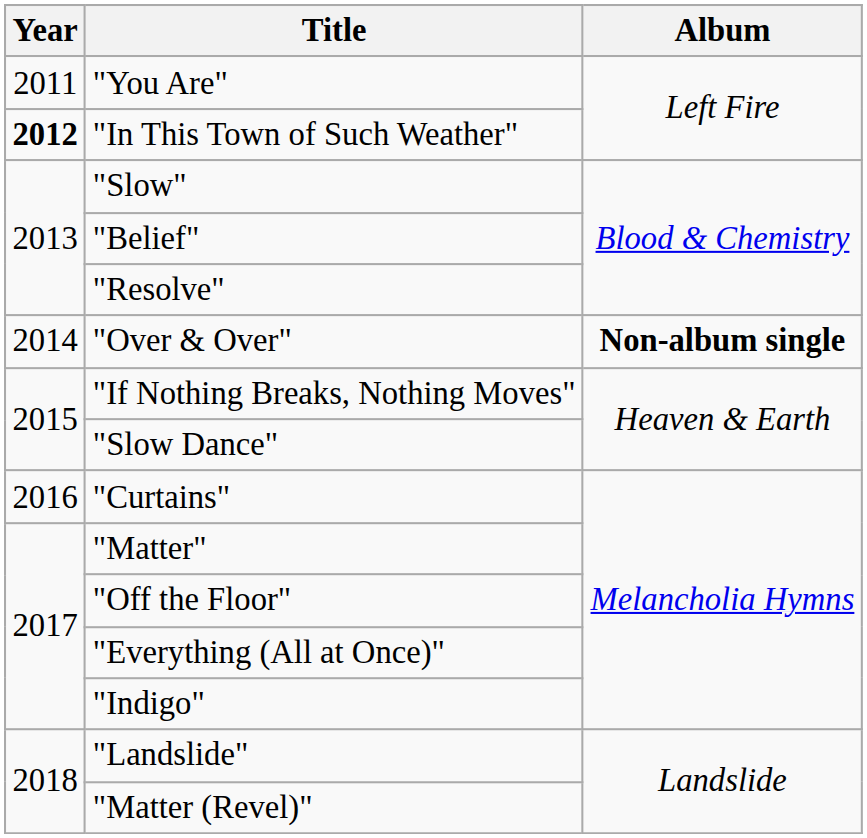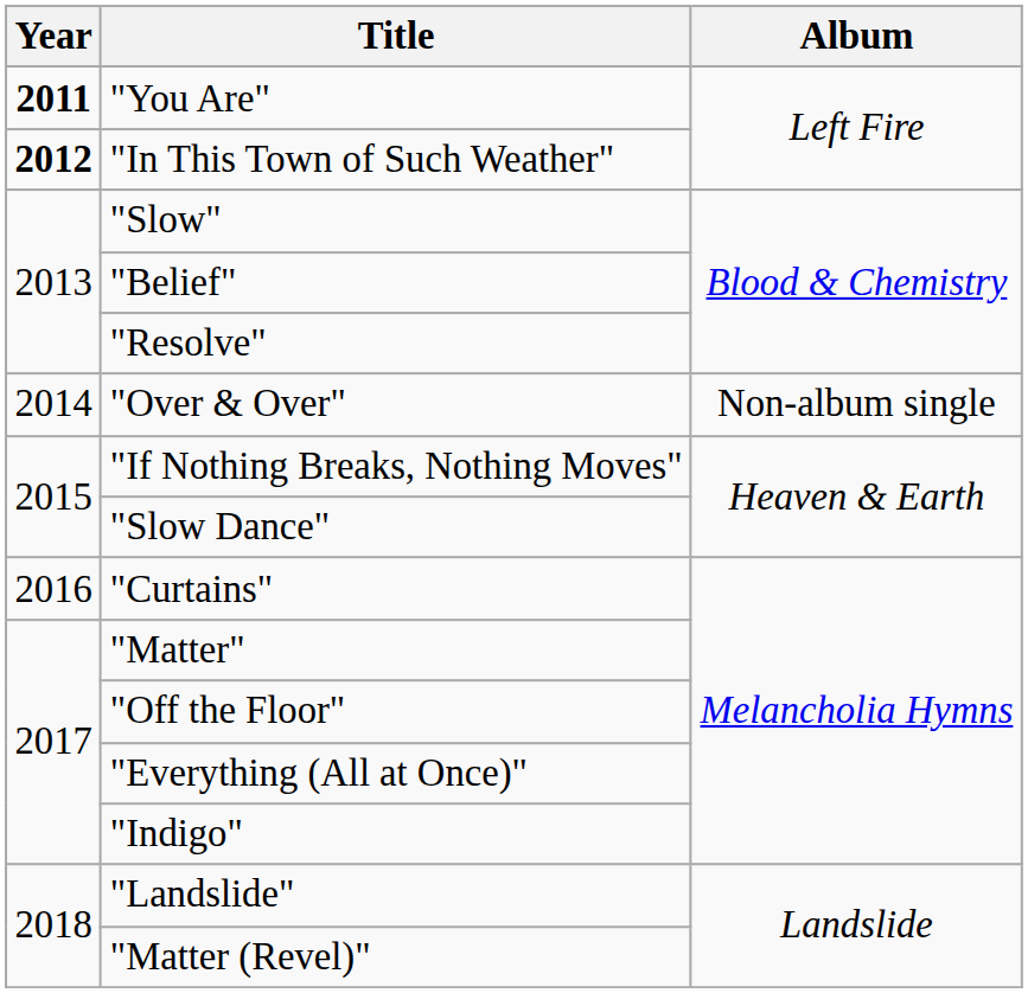 <table class="wikitable" style="text-align:center;">
 <tr>
 <th>Year</th>
 <th>Title</th>
 <th>Album</th>
 </tr>
 <tr>
-<td>2011</td>
+<td><strong>2011</strong></td>
 <td style="text-align:left;">"You Are"</td>
 <td rowspan="2"><em>Left Fire</em></td>
 </tr>
 <tr>
 <td><strong>2012</strong></td>
 <td style="text-align:left;">"In This Town of Such Weather"</td>
 </tr>
 <tr>
 <td rowspan="3">2013</td>
 <td style="text-align:left;">"Slow"</td>
 <td rowspan="3"><em><a href='#'>Blood & Chemistry</a></em></td>
 </tr>
 <tr>
 <td style="text-align:left;">"Belief"</td>
 </tr>
 <tr>
 <td style="text-align:left;">"Resolve"</td>
 </tr>
 <tr>
 <td>2014</td>
 <td style="text-align:left;">"Over & Over"</td>
-<td rowspan="1"><strong>Non-album single</strong></td>
+<td rowspan="1">Non-album single</td>
 </tr>
 <tr>
 <td rowspan="2">2015</td>
 <td style="text-align:left;">"If Nothing Breaks, Nothing Moves"</td>
 <td rowspan="2"><em>Heaven & Earth</em></td>
 </tr>
 <tr>
 <td style="text-align:left;">"Slow Dance"</td>
 </tr>
 <tr>
 <td>2016</td>
 <td style="text-align:left;">"Curtains"</td>
 <td rowspan="5"><em><a href='#'>Melancholia Hymns</a></em></td>
 </tr>
 <tr>
 <td rowspan="4">2017</td>
 <td style="text-align:left;">"Matter"</td>
 </tr>
 <tr>
 <td style="text-align:left;">"Off the Floor"</td>
 </tr>
 <tr>
 <td style="text-align:left;">"Everything (All at Once)"</td>
 </tr>
 <tr>
 <td style="text-align:left;">"Indigo"</td>
 </tr>
 <tr>
 <td rowspan="2">2018</td>
 <td style="text-align:left;">"Landslide"</td>
 <td rowspan="2"><em>Landslide</em></td>
 </tr>
 <tr>
 <td style="text-align:left;">"Matter (Revel)"</td>
 </tr>
 </table>
